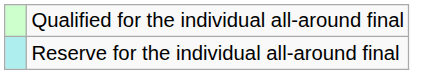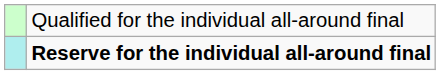 <table class="wikitable" style="text-align: left;">
 <tr>
 <td width="10px" bgcolor="#ccffcc"></td>
 <td>Qualified for the individual all-around final</td>
 </tr>
 <tr>
 <td width="10px" bgcolor="#afeeee"></td>
-<td>Reserve for the individual all-around final</td>
+<td><strong>Reserve for the individual all-around final</strong></td>
 </tr>
 </table>
